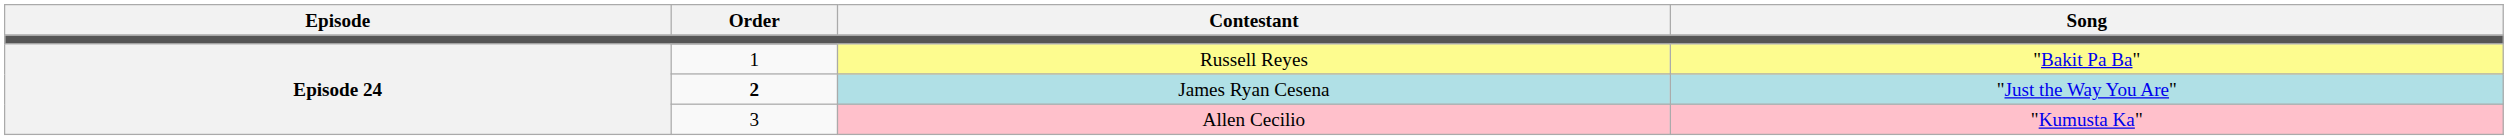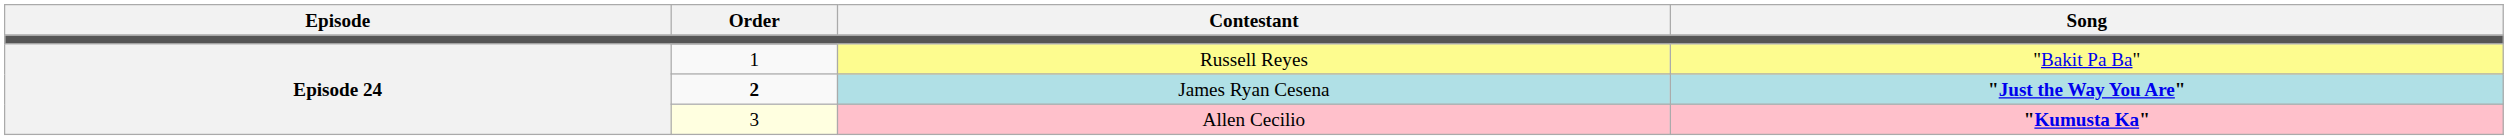 <table class="wikitable" style="text-align:center; line-height:17px; width:100%; font-size: 95%;">
 <tr>
 <th style="width:20%;">Episode</th>
 <th style="width:05%;">Order</th>
 <th style="width:25%;">Contestant</th>
 <th style="width:25%;">Song</th>
 </tr>
 <tr>
 <td colspan="4" style="background:#555;"></td>
 </tr>
 <tr>
 <th rowspan="3">Episode 24<br><small></small></th>
 <td>1</td>
 <td style="background:#fdfc8f;">Russell Reyes</td>
 <td style="background:#fdfc8f;">"<a href='#'>Bakit Pa Ba</a>"</td>
 </tr>
 <tr>
 <td><strong>2</strong></td>
 <td style="background:#b0e0e6;">James Ryan Cesena</td>
-<td style="background:#b0e0e6;">"<a href='#'>Just the Way You Are</a>"</td>
+<td style="background:#b0e0e6;"><strong>"<a href='#'>Just the Way You Are</a>"</strong></td>
 </tr>
 <tr>
-<td>3</td>
+<td style="background: lightyellow;">3</td>
 <td style="background:pink;">Allen Cecilio</td>
-<td style="background:pink;">"<a href='#'>Kumusta Ka</a>"</td>
+<td style="background:pink;"><strong>"<a href='#'>Kumusta Ka</a>"</strong></td>
 </tr>
 </table>
